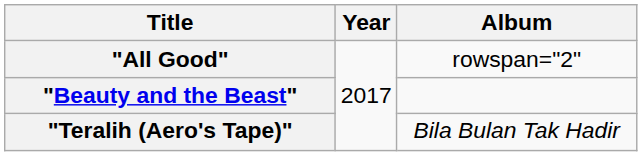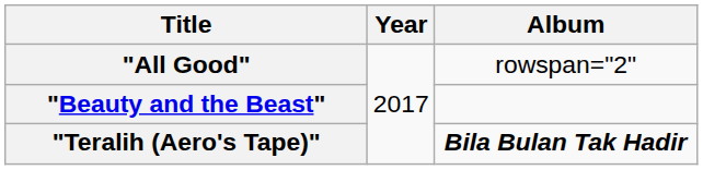 <table class="wikitable plainrowheaders" style="text-align:center;">
 <tr>
 <th scope="col" style="width:14em;">Title</th>
 <th scope="col">Year</th>
 <th scope="col" style="width:10em;">Album</th>
 </tr>
 <tr>
 <th scope="row">"All Good"<br></th>
 <td rowspan="3">2017</td>
 <td>rowspan="2" </td>
 </tr>
 <tr>
 <th scope="row">"<a href='#'>Beauty and the Beast</a>"<br></th>
 </tr>
 <tr>
 <th scope="row">"Teralih (Aero's Tape)"<br></th>
-<td><em>Bila Bulan Tak Hadir</em></td>
+<td><strong><em>Bila Bulan Tak Hadir</em></strong></td>
 </tr>
 </table>
